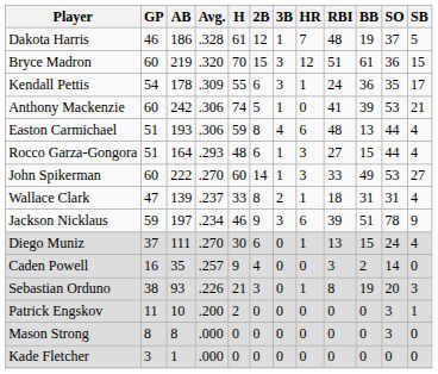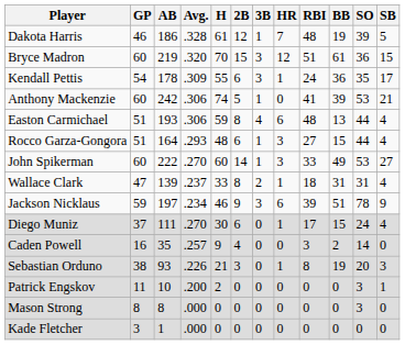 <table class="wikitable sortable">
 <tr>
 <th style="text-align:center; ">Player</th>
 <th style="text-align:center; ">GP</th>
 <th style="text-align:center; ">AB</th>
 <th style="text-align:center; ">Avg.</th>
 <th style="text-align:center; ">H</th>
 <th style="text-align:center; ">2B</th>
 <th style="text-align:center; ">3B</th>
 <th style="text-align:center; ">HR</th>
 <th style="text-align:center; ">RBI</th>
 <th style="text-align:center; ">BB</th>
 <th style="text-align:center; ">SO</th>
 <th style="text-align:center; ">SB</th>
 </tr>
 <tr>
 <td>Dakota Harris</td>
 <td>46</td>
 <td>186</td>
 <td>.328</td>
 <td>61</td>
 <td>12</td>
 <td>1</td>
 <td>7</td>
 <td>48</td>
 <td>19</td>
-<td>37</td>
+<td>39</td>
 <td>5</td>
 </tr>
 <tr>
 <td>Bryce Madron</td>
 <td>60</td>
 <td>219</td>
 <td>.320</td>
 <td>70</td>
 <td>15</td>
 <td>3</td>
 <td>12</td>
 <td>51</td>
 <td>61</td>
 <td>36</td>
 <td>15</td>
 </tr>
 <tr>
 <td>Kendall Pettis</td>
 <td>54</td>
 <td>178</td>
 <td>.309</td>
 <td>55</td>
 <td>6</td>
 <td>3</td>
 <td>1</td>
 <td>24</td>
 <td>36</td>
 <td>35</td>
 <td>17</td>
 </tr>
 <tr>
 <td>Anthony Mackenzie</td>
 <td>60</td>
 <td>242</td>
 <td>.306</td>
 <td>74</td>
 <td>5</td>
 <td>1</td>
 <td>0</td>
 <td>41</td>
 <td>39</td>
 <td>53</td>
 <td>21</td>
 </tr>
 <tr>
 <td>Easton Carmichael</td>
 <td>51</td>
 <td>193</td>
 <td>.306</td>
 <td>59</td>
 <td>8</td>
 <td>4</td>
 <td>6</td>
 <td>48</td>
 <td>13</td>
 <td>44</td>
 <td>4</td>
 </tr>
 <tr>
 <td>Rocco Garza-Gongora</td>
 <td>51</td>
 <td>164</td>
 <td>.293</td>
 <td>48</td>
 <td>6</td>
 <td>1</td>
 <td>3</td>
 <td>27</td>
 <td>15</td>
 <td>44</td>
 <td>4</td>
 </tr>
 <tr>
 <td>John Spikerman</td>
 <td>60</td>
 <td>222</td>
 <td>.270</td>
 <td>60</td>
 <td>14</td>
 <td>1</td>
 <td>3</td>
 <td>33</td>
 <td>49</td>
 <td>53</td>
 <td>27</td>
 </tr>
 <tr>
 <td>Wallace Clark</td>
 <td>47</td>
 <td>139</td>
 <td>.237</td>
 <td>33</td>
 <td>8</td>
 <td>2</td>
 <td>1</td>
 <td>18</td>
 <td>31</td>
 <td>31</td>
 <td>4</td>
 </tr>
 <tr>
 <td>Jackson Nicklaus</td>
 <td>59</td>
 <td>197</td>
 <td>.234</td>
 <td>46</td>
 <td>9</td>
 <td>3</td>
 <td>6</td>
 <td>39</td>
 <td>51</td>
 <td>78</td>
 <td>9</td>
 </tr>
 <tr style="background:#dddddd;">
 <td>Diego Muniz</td>
 <td>37</td>
 <td>111</td>
 <td>.270</td>
 <td>30</td>
 <td>6</td>
 <td>0</td>
 <td>1</td>
-<td>13</td>
+<td>17</td>
 <td>15</td>
 <td>24</td>
 <td>4</td>
 </tr>
 <tr style="background:#dddddd;">
 <td>Caden Powell</td>
 <td>16</td>
 <td>35</td>
 <td>.257</td>
 <td>9</td>
 <td>4</td>
 <td>0</td>
 <td>0</td>
 <td>3</td>
 <td>2</td>
 <td>14</td>
 <td>0</td>
 </tr>
 <tr style="background:#dddddd;">
 <td>Sebastian Orduno</td>
 <td>38</td>
 <td>93</td>
 <td>.226</td>
 <td>21</td>
 <td>3</td>
 <td>0</td>
 <td>1</td>
 <td>8</td>
 <td>19</td>
 <td>20</td>
 <td>3</td>
 </tr>
 <tr style="background:#dddddd;">
 <td>Patrick Engskov</td>
 <td>11</td>
 <td>10</td>
 <td>.200</td>
 <td>2</td>
 <td>0</td>
 <td>0</td>
 <td>0</td>
 <td>0</td>
 <td>0</td>
 <td>3</td>
 <td>1</td>
 </tr>
 <tr style="background:#dddddd;">
 <td>Mason Strong</td>
 <td>8</td>
 <td>8</td>
 <td>.000</td>
 <td>0</td>
 <td>0</td>
 <td>0</td>
 <td>0</td>
 <td>0</td>
 <td>0</td>
 <td>3</td>
 <td>0</td>
 </tr>
 <tr style="background:#dddddd;">
 <td>Kade Fletcher</td>
 <td>3</td>
 <td>1</td>
 <td>.000</td>
 <td>0</td>
 <td>0</td>
 <td>0</td>
 <td>0</td>
 <td>0</td>
 <td>0</td>
 <td>0</td>
 <td>0</td>
 </tr>
 </table>
